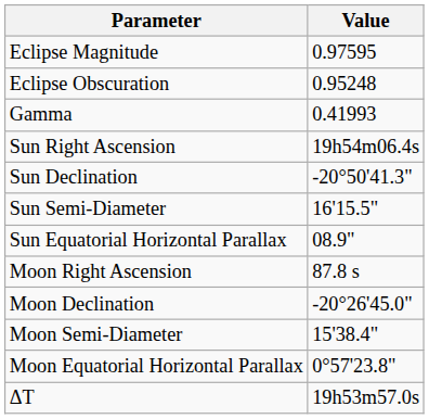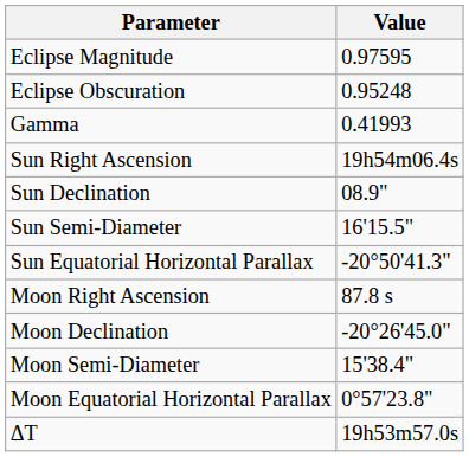 <table class="wikitable">
 <tr>
 <th>Parameter</th>
 <th>Value</th>
 </tr>
 <tr>
 <td>Eclipse Magnitude</td>
 <td>0.97595</td>
 </tr>
 <tr>
 <td>Eclipse Obscuration</td>
 <td>0.95248</td>
 </tr>
 <tr>
 <td>Gamma</td>
 <td>0.41993</td>
 </tr>
 <tr>
 <td>Sun Right Ascension</td>
 <td>19h54m06.4s</td>
 </tr>
 <tr>
 <td>Sun Declination</td>
-<td>-20°50'41.3"</td>
+<td>08.9"</td>
 </tr>
 <tr>
 <td>Sun Semi-Diameter</td>
 <td>16'15.5"</td>
 </tr>
 <tr>
 <td>Sun Equatorial Horizontal Parallax</td>
-<td>08.9"</td>
+<td>-20°50'41.3"</td>
 </tr>
 <tr>
 <td>Moon Right Ascension</td>
 <td>87.8 s</td>
 </tr>
 <tr>
 <td>Moon Declination</td>
 <td>-20°26'45.0"</td>
 </tr>
 <tr>
 <td>Moon Semi-Diameter</td>
 <td>15'38.4"</td>
 </tr>
 <tr>
 <td>Moon Equatorial Horizontal Parallax</td>
 <td>0°57'23.8"</td>
 </tr>
 <tr>
 <td>ΔT</td>
 <td>19h53m57.0s</td>
 </tr>
 </table>
